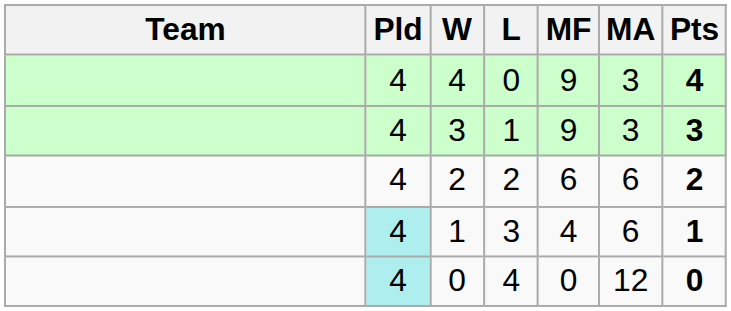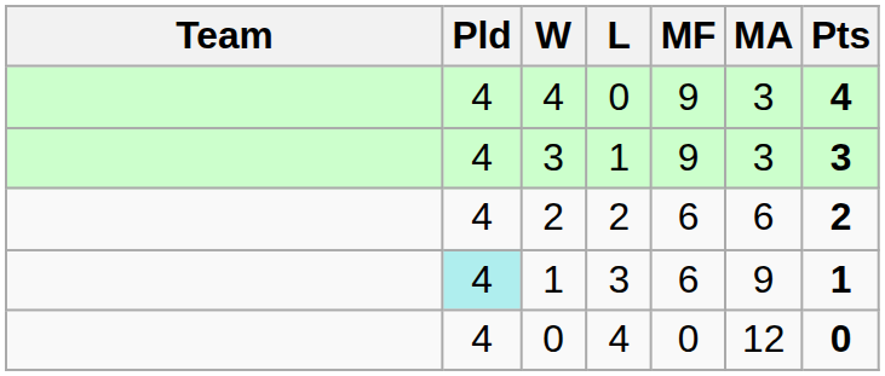 <table class=wikitable style="text-align:center">
 <tr>
 <th width=175>Team</th>
 <th width=20>Pld</th>
 <th width=20>W</th>
 <th width=20>L</th>
 <th width=20>MF</th>
 <th width=20>MA</th>
 <th width=20>Pts</th>
 </tr>
 <tr bgcolor=ccffcc>
 <td style="text-align:left"></td>
 <td>4</td>
 <td>4</td>
 <td>0</td>
 <td>9</td>
 <td>3</td>
 <td><strong>4</strong></td>
 </tr>
 <tr bgcolor=ccffcc>
 <td style="text-align:left"></td>
 <td>4</td>
 <td>3</td>
 <td>1</td>
 <td>9</td>
 <td>3</td>
 <td><strong>3</strong></td>
 </tr>
 <tr>
 <td style="text-align:left"></td>
 <td>4</td>
 <td>2</td>
 <td>2</td>
 <td>6</td>
 <td>6</td>
 <td><strong>2</strong></td>
 </tr>
 <tr>
 <td style="text-align:left"></td>
 <td style="background: paleturquoise;">4</td>
 <td>1</td>
 <td>3</td>
-<td>4</td>
 <td>6</td>
+<td>9</td>
 <td><strong>1</strong></td>
 </tr>
 <tr>
 <td style="text-align:left"></td>
-<td style="background: paleturquoise;">4</td>
+<td>4</td>
 <td>0</td>
 <td>4</td>
 <td>0</td>
 <td>12</td>
 <td><strong>0</strong></td>
 </tr>
 </table>
